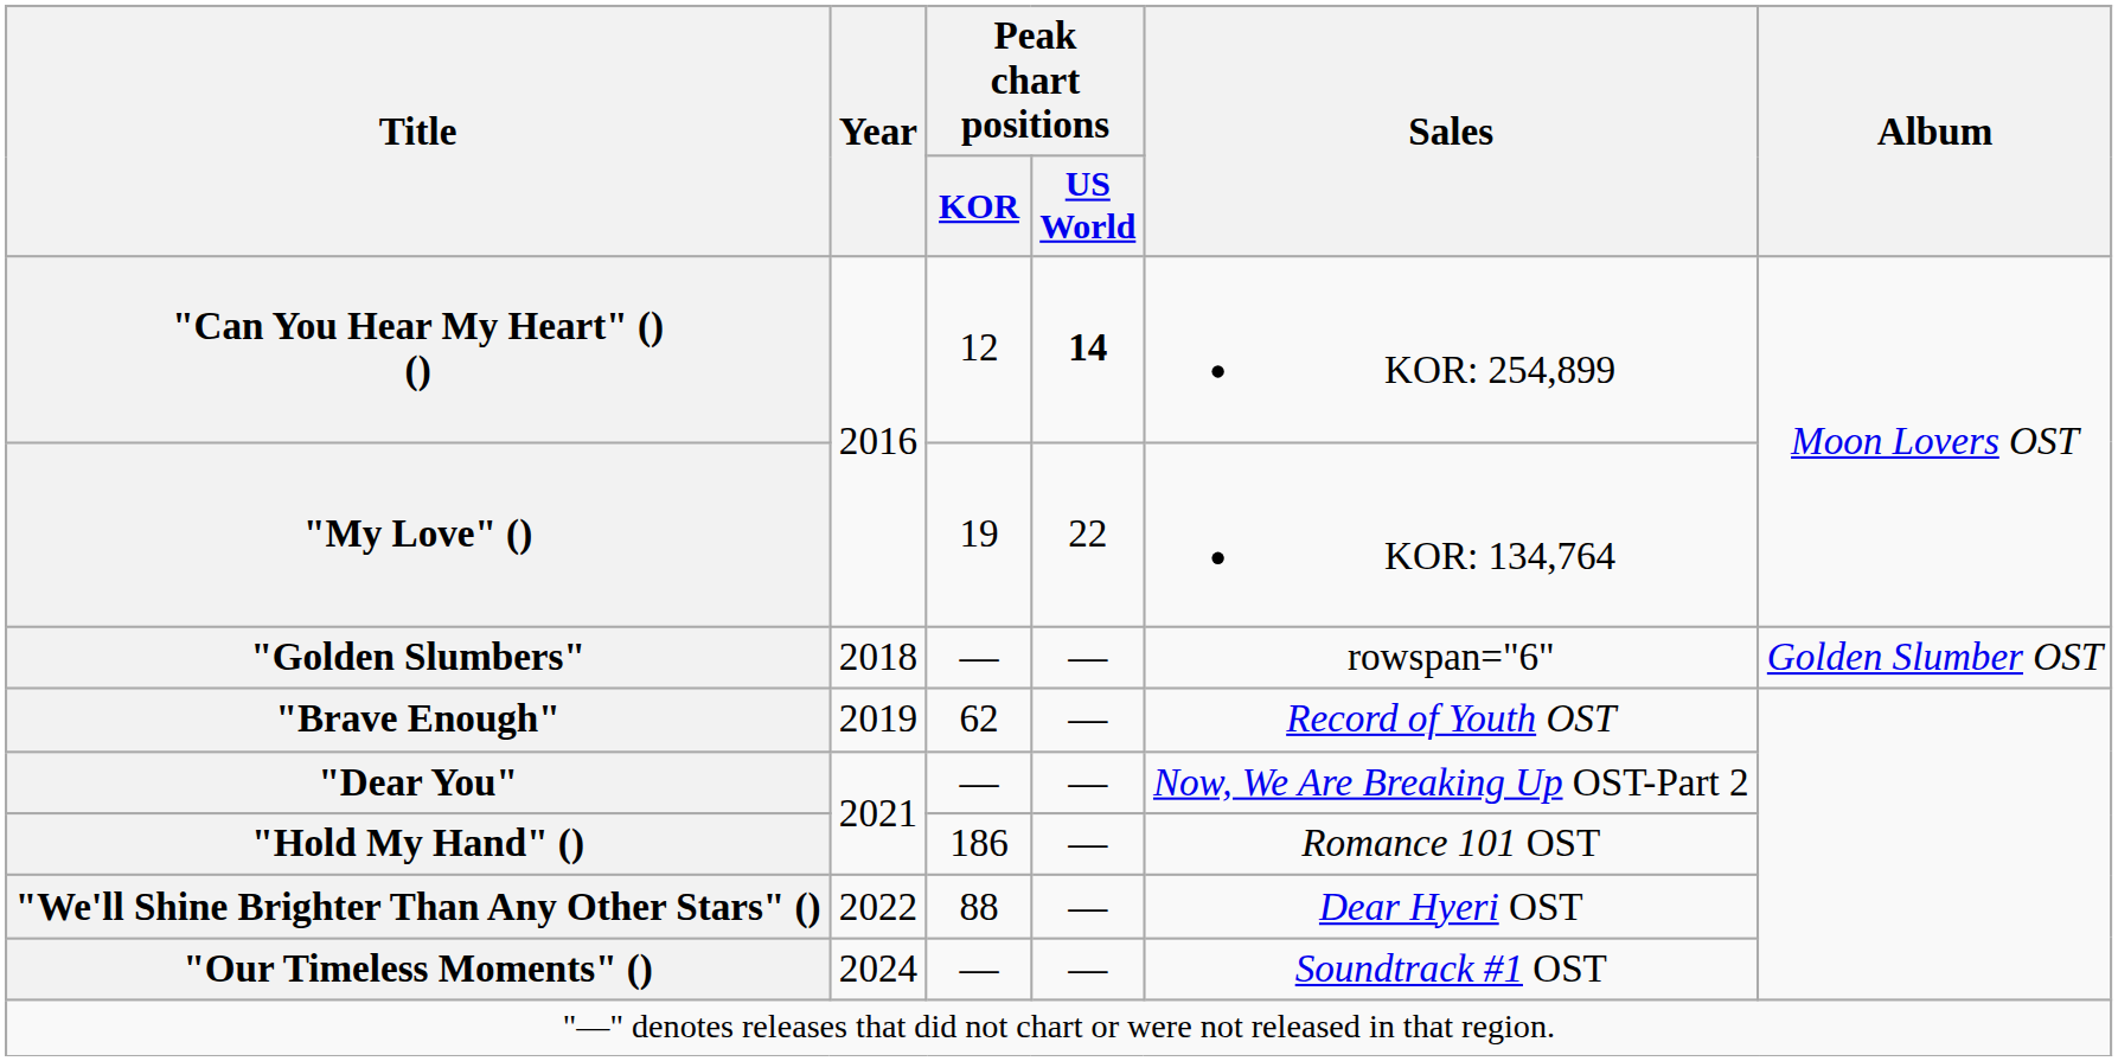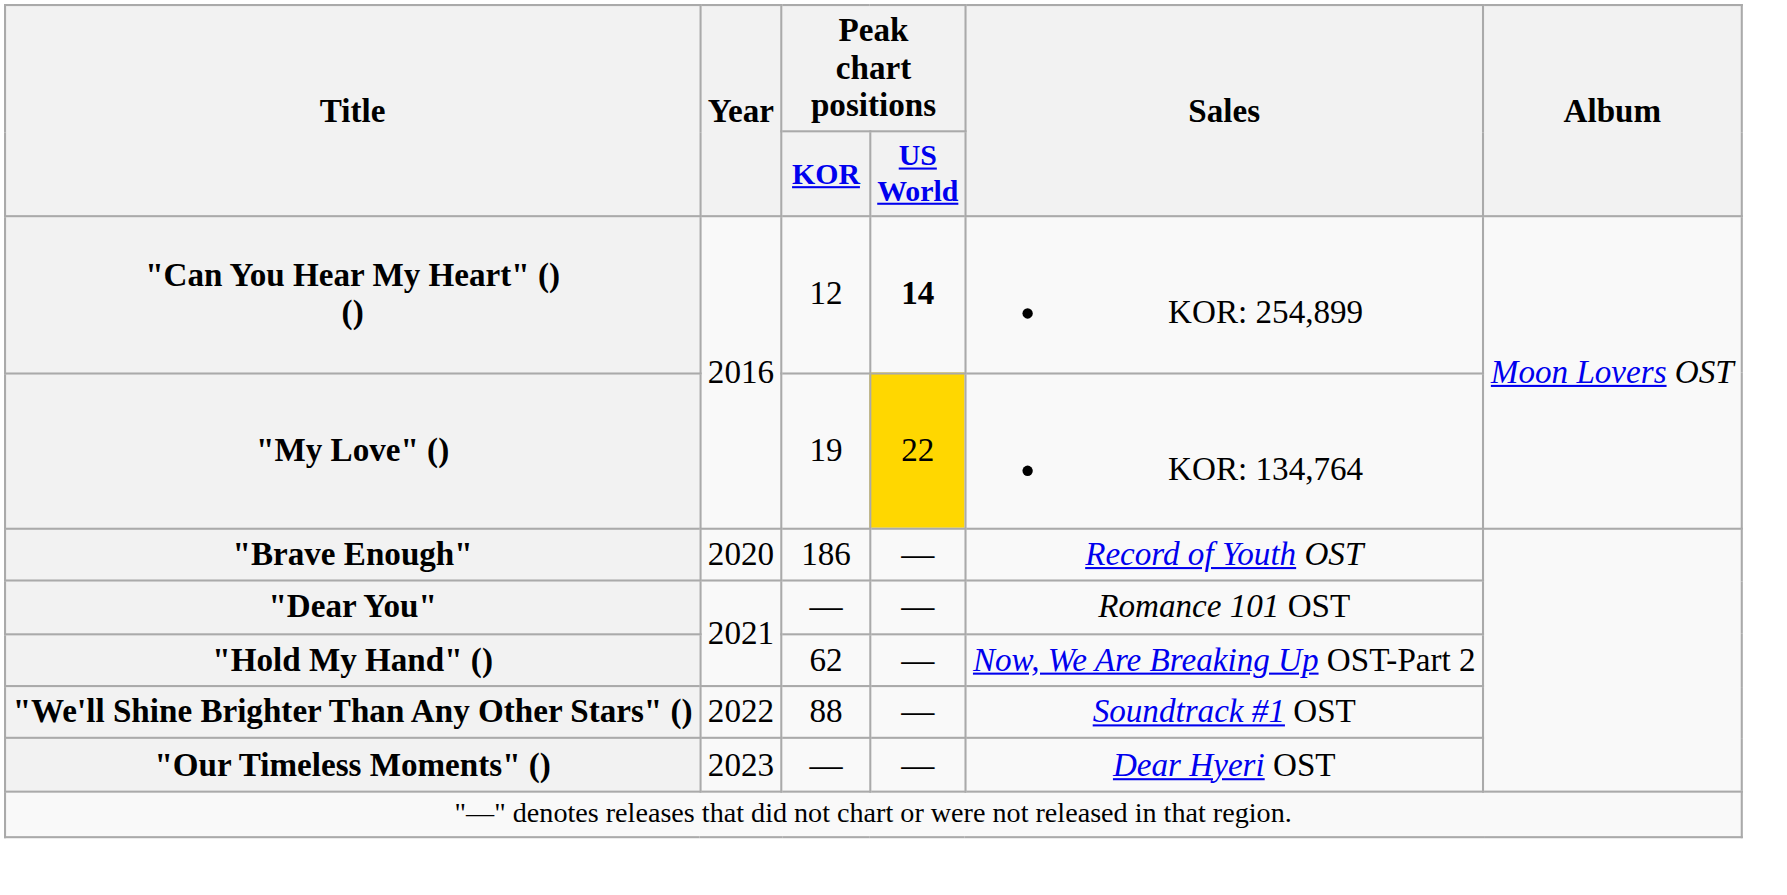 <table class="wikitable plainrowheaders" style="text-align:center;">
 <tr>
 <th rowspan="2">Title</th>
 <th rowspan="2">Year</th>
 <th colspan="2">Peak<br>chart<br>positions</th>
 <th rowspan="2">Sales</th>
 <th rowspan="2">Album</th>
 </tr>
 <tr>
 <th scope="col" style="width:2.5em;font-size:90%;"><a href='#'>KOR</a><br></th>
 <th scope="col" style="width:2.5em;font-size:90%;"><a href='#'>US<br>World</a><br></th>
 </tr>
 <tr>
 <th scope="row">"Can You Hear My Heart" ()<br>()</th>
 <td rowspan="2">2016</td>
 <td>12</td>
 <td><strong>14</strong></td>
 <td><br><ul><li>KOR: 254,899</li></ul></td>
 <td rowspan="2"><em><a href='#'>Moon Lovers</a> OST</em></td>
 </tr>
 <tr>
 <th scope="row">"My Love" ()</th>
 <td>19</td>
-<td>22</td>
+<td style="background: gold;">22</td>
 <td><br><ul><li>KOR: 134,764</li></ul></td>
 </tr>
 <tr>
-<th scope="row">"Golden Slumbers"</th>
-<td>2018</td>
-<td>—</td>
-<td>—</td>
-<td>rowspan="6" </td>
-<td><em><a href='#'>Golden Slumber</a> OST</em></td>
-</tr>
-<tr>
 <th scope="row">"Brave Enough"</th>
-<td>2019</td>
-<td>62</td>
+<td>2020</td>
+<td>186</td>
 <td>—</td>
 <td><em><a href='#'>Record of Youth</a> OST</em></td>
 </tr>
 <tr>
 <th scope="row">"Dear You"</th>
 <td rowspan="2">2021</td>
 <td>—</td>
 <td>—</td>
-<td><em><a href='#'>Now, We Are Breaking Up</a></em> OST-Part 2</td>
+<td><em>Romance 101</em> OST</td>
 </tr>
 <tr>
 <th scope="row">"Hold My Hand" ()</th>
-<td>186</td>
+<td>62</td>
 <td>—</td>
-<td><em>Romance 101</em> OST</td>
+<td><em><a href='#'>Now, We Are Breaking Up</a></em> OST-Part 2</td>
 </tr>
 <tr>
 <th scope="row">"We'll Shine Brighter Than Any Other Stars" ()</th>
 <td>2022</td>
 <td>88</td>
 <td>—</td>
-<td><em><a href='#'>Dear Hyeri</a></em> OST</td>
+<td><em><a href='#'>Soundtrack #1</a></em> OST</td>
 </tr>
 <tr>
 <th scope="row">"Our Timeless Moments" ()</th>
-<td>2024</td>
+<td>2023</td>
 <td>—</td>
 <td>—</td>
-<td><em><a href='#'>Soundtrack #1</a></em> OST</td>
+<td><em><a href='#'>Dear Hyeri</a></em> OST</td>
 </tr>
 <tr>
 <td colspan="6" style="font-size:85%">"—" denotes releases that did not chart or were not released in that region.</td>
 </tr>
 </table>
